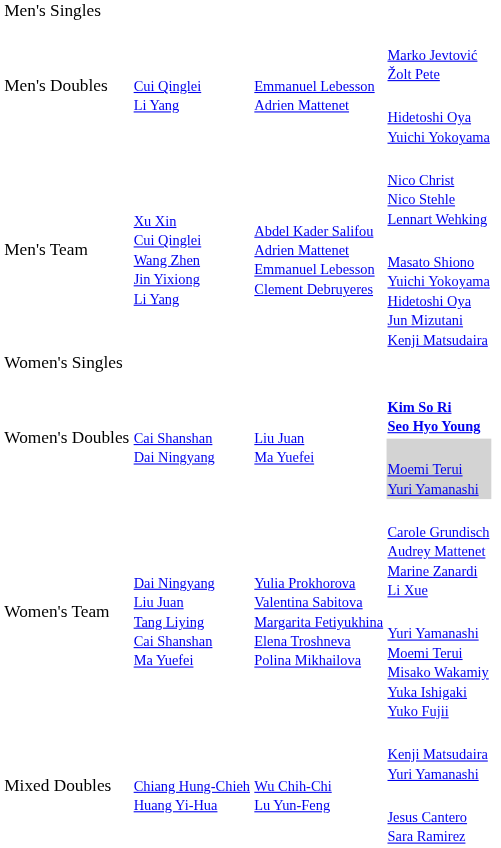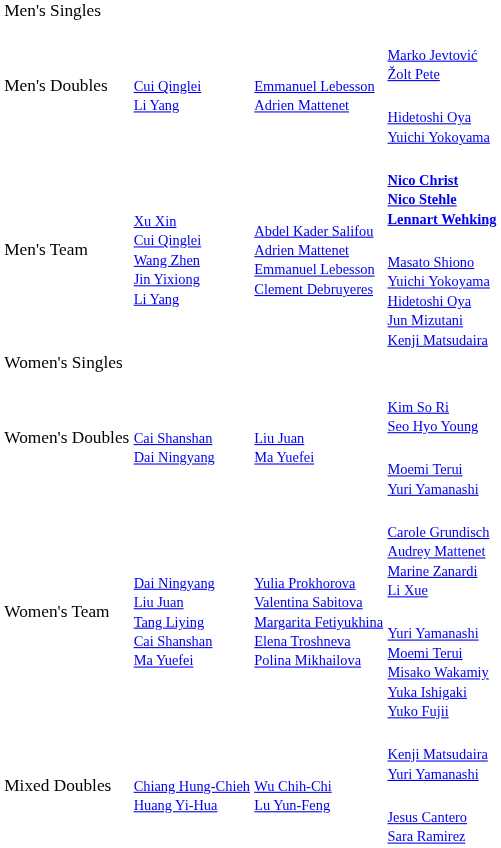 <table>
 <tr>
 <td rowspan=2>Men's Singles</td>
 <td rowspan=2></td>
 <td rowspan=2></td>
 <td></td>
 </tr>
 <tr>
 <td></td>
 </tr>
 <tr>
 <td rowspan=2>Men's Doubles</td>
 <td rowspan=2><br><small><a href='#'>Cui Qinglei</a><br><a href='#'>Li Yang</a></small></td>
 <td rowspan=2><br><small><a href='#'>Emmanuel Lebesson</a><br><a href='#'>Adrien Mattenet</a></small></td>
 <td><br><small><a href='#'>Marko Jevtović</a><br><a href='#'>Žolt Pete</a></small></td>
 </tr>
 <tr>
 <td><br><small><a href='#'>Hidetoshi Oya</a><br><a href='#'>Yuichi Yokoyama</a></small></td>
 </tr>
 <tr>
 <td rowspan=2>Men's Team</td>
 <td rowspan=2><br><small><a href='#'>Xu Xin</a><br><a href='#'>Cui Qinglei</a><br><a href='#'>Wang Zhen</a><br><a href='#'>Jin Yixiong</a><br><a href='#'>Li Yang</a></small></td>
 <td rowspan=2><br><small><a href='#'>Abdel Kader Salifou</a><br><a href='#'>Adrien Mattenet</a><br><a href='#'>Emmanuel Lebesson</a><br><a href='#'>Clement Debruyeres</a></small></td>
-<td><br><small><a href='#'>Nico Christ</a><br><a href='#'>Nico Stehle</a><br><a href='#'>Lennart Wehking</a></small></td>
+<td><strong><br><small><a href='#'>Nico Christ</a><br><a href='#'>Nico Stehle</a><br><a href='#'>Lennart Wehking</a></small></strong></td>
 </tr>
 <tr>
 <td><br><small><a href='#'>Masato Shiono</a><br><a href='#'>Yuichi Yokoyama</a><br><a href='#'>Hidetoshi Oya</a><br><a href='#'>Jun Mizutani</a><br><a href='#'>Kenji Matsudaira</a></small></td>
 </tr>
 <tr>
 <td rowspan=2>Women's Singles</td>
 <td rowspan=2></td>
 <td rowspan=2></td>
 <td></td>
 </tr>
 <tr>
 <td></td>
 </tr>
 <tr>
 <td rowspan=2>Women's Doubles</td>
 <td rowspan=2><br><small><a href='#'>Cai Shanshan</a><br><a href='#'>Dai Ningyang</a></small></td>
 <td rowspan=2><br><small><a href='#'>Liu Juan</a><br><a href='#'>Ma Yuefei</a></small></td>
-<td><strong><br><small><a href='#'>Kim So Ri</a><br><a href='#'>Seo Hyo Young</a></small></strong></td>
+<td><br><small><a href='#'>Kim So Ri</a><br><a href='#'>Seo Hyo Young</a></small></td>
 </tr>
 <tr>
-<td style="background: lightgrey;"><br><small><a href='#'>Moemi Terui</a><br><a href='#'>Yuri Yamanashi</a></small></td>
+<td><br><small><a href='#'>Moemi Terui</a><br><a href='#'>Yuri Yamanashi</a></small></td>
 </tr>
 <tr>
 <td rowspan=2>Women's Team</td>
 <td rowspan=2><br><small><a href='#'>Dai Ningyang</a><br><a href='#'>Liu Juan</a><br><a href='#'>Tang Liying</a><br><a href='#'>Cai Shanshan</a><br><a href='#'>Ma Yuefei</a></small></td>
 <td rowspan=2><br><small><a href='#'>Yulia Prokhorova</a><br><a href='#'>Valentina Sabitova</a><br><a href='#'>Margarita Fetiyukhina</a><br><a href='#'>Elena Troshneva</a><br><a href='#'>Polina Mikhailova</a></small></td>
 <td><br><small><a href='#'>Carole Grundisch</a><br><a href='#'>Audrey Mattenet</a><br><a href='#'>Marine Zanardi</a><br><a href='#'>Li Xue</a></small></td>
 </tr>
 <tr>
 <td><br><small><a href='#'>Yuri Yamanashi</a><br><a href='#'>Moemi Terui</a><br><a href='#'>Misako Wakamiy</a><br><a href='#'>Yuka Ishigaki</a><br><a href='#'>Yuko Fujii</a></small></td>
 </tr>
 <tr>
 <td rowspan=2>Mixed Doubles</td>
 <td rowspan=2> <br><small><a href='#'>Chiang Hung-Chieh</a><br><a href='#'>Huang Yi-Hua</a></small></td>
 <td rowspan=2> <br><small><a href='#'>Wu Chih-Chi</a><br><a href='#'>Lu Yun-Feng</a></small></td>
 <td><br><small><a href='#'>Kenji Matsudaira</a><br><a href='#'>Yuri Yamanashi</a></small></td>
 </tr>
 <tr>
 <td><br><small><a href='#'>Jesus Cantero</a><br><a href='#'>Sara Ramirez</a></small></td>
 </tr>
 </table>
